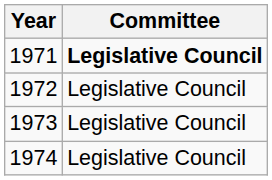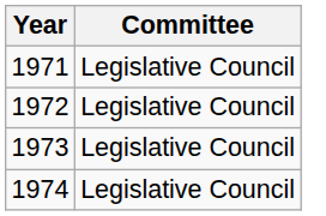 <table class="wikitable sortable mw-collapsible">
 <tr>
 <th>Year</th>
 <th>Committee</th>
 </tr>
 <tr>
 <td>1971</td>
-<td><strong>Legislative Council</strong></td>
+<td>Legislative Council</td>
 </tr>
 <tr>
 <td>1972</td>
 <td>Legislative Council</td>
 </tr>
 <tr>
 <td>1973</td>
 <td>Legislative Council</td>
 </tr>
 <tr>
 <td>1974</td>
 <td>Legislative Council</td>
 </tr>
 </table>
